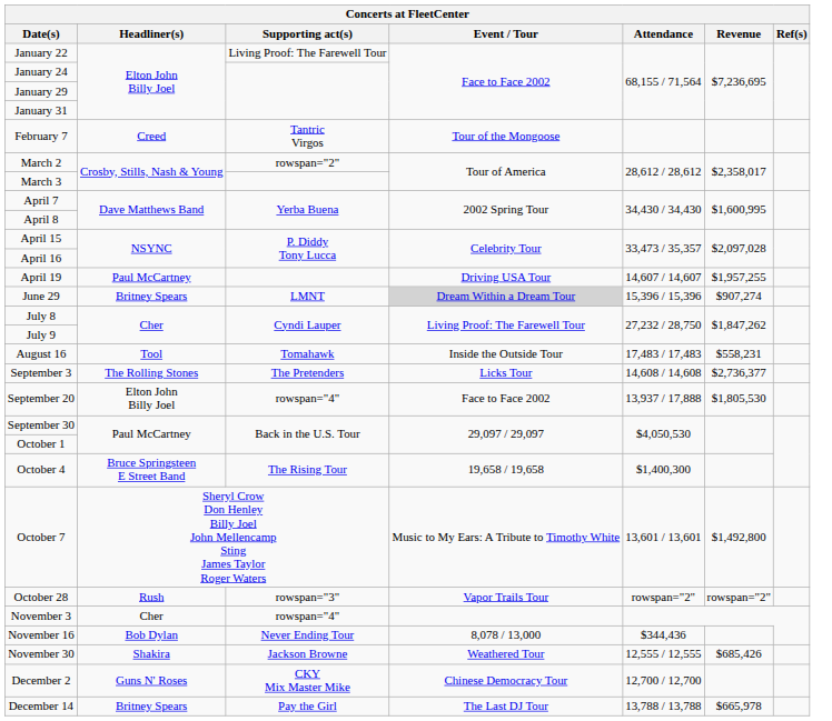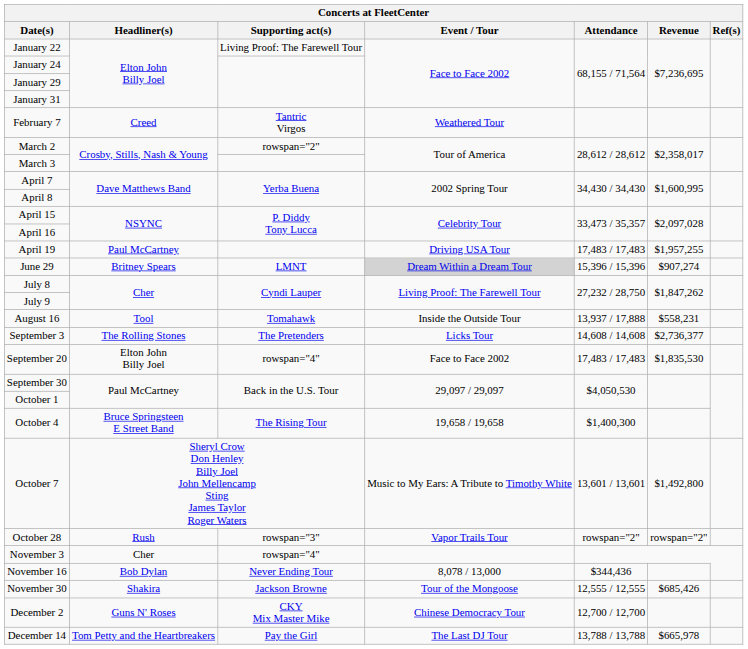 <table class="wikitable mw-collapsible mw-collapsed" style="text-align:center;">
 <tr>
 <th colspan="7">Concerts at FleetCenter</th>
 </tr>
 <tr>
 <th>Date(s)</th>
 <th>Headliner(s)</th>
 <th>Supporting act(s)</th>
 <th>Event / Tour</th>
 <th>Attendance</th>
 <th>Revenue</th>
 <th>Ref(s)</th>
 </tr>
 <tr>
 <td>January 22</td>
 <td rowspan="4"><a href='#'>Elton John</a><br><a href='#'>Billy Joel</a></td>
 <td>Living Proof: The Farewell Tour</td>
 <td rowspan="4"><a href='#'>Face to Face 2002</a></td>
 <td rowspan="4">68,155 / 71,564</td>
 <td rowspan="4">$7,236,695</td>
 <td rowspan="4"></td>
 </tr>
 <tr>
 <td>January 24</td>
 </tr>
 <tr>
 <td>January 29</td>
 </tr>
 <tr>
 <td>January 31</td>
 </tr>
 <tr>
 <td>February 7</td>
 <td><a href='#'>Creed</a></td>
 <td><a href='#'>Tantric</a><br>Virgos</td>
-<td><a href='#'>Tour of the Mongoose</a></td>
+<td><a href='#'>Weathered Tour</a></td>
 <td></td>
 <td></td>
 <td></td>
 </tr>
 <tr>
 <td>March 2</td>
 <td rowspan="2"><a href='#'>Crosby, Stills, Nash & Young</a></td>
 <td>rowspan="2" </td>
 <td rowspan="2">Tour of America</td>
 <td rowspan="2">28,612 / 28,612</td>
 <td rowspan="2">$2,358,017</td>
 <td rowspan="2"></td>
 </tr>
 <tr>
 <td>March 3</td>
 </tr>
 <tr>
 <td>April 7</td>
 <td rowspan="2"><a href='#'>Dave Matthews Band</a></td>
 <td rowspan="2"><a href='#'>Yerba Buena</a></td>
 <td rowspan="2">2002 Spring Tour</td>
 <td rowspan="2">34,430 / 34,430</td>
 <td rowspan="2">$1,600,995</td>
 <td rowspan="2"></td>
 </tr>
 <tr>
 <td>April 8</td>
 </tr>
 <tr>
 <td>April 15</td>
 <td rowspan="2"><a href='#'>NSYNC</a></td>
 <td rowspan="2"><a href='#'>P. Diddy</a><br><a href='#'>Tony Lucca</a></td>
 <td rowspan="2"><a href='#'>Celebrity Tour</a></td>
 <td rowspan="2">33,473 / 35,357</td>
 <td rowspan="2">$2,097,028</td>
 <td rowspan="2"></td>
 </tr>
 <tr>
 <td>April 16</td>
 </tr>
 <tr>
 <td>April 19</td>
 <td><a href='#'>Paul McCartney</a></td>
 <td></td>
 <td><a href='#'>Driving USA Tour</a></td>
-<td>14,607 / 14,607</td>
+<td>17,483 / 17,483</td>
 <td>$1,957,255</td>
 <td></td>
 </tr>
 <tr>
 <td>June 29</td>
 <td><a href='#'>Britney Spears</a></td>
 <td><a href='#'>LMNT</a></td>
 <td style="background: lightgrey;"><a href='#'>Dream Within a Dream Tour</a></td>
 <td>15,396 / 15,396</td>
 <td>$907,274</td>
 <td></td>
 </tr>
 <tr>
 <td>July 8</td>
 <td rowspan="2"><a href='#'>Cher</a></td>
 <td rowspan="2"><a href='#'>Cyndi Lauper</a></td>
 <td rowspan="2"><a href='#'>Living Proof: The Farewell Tour</a></td>
 <td rowspan="2">27,232 / 28,750</td>
 <td rowspan="2">$1,847,262</td>
 <td rowspan="2"></td>
 </tr>
 <tr>
 <td>July 9</td>
 </tr>
 <tr>
 <td>August 16</td>
 <td><a href='#'>Tool</a></td>
 <td><a href='#'>Tomahawk</a></td>
 <td>Inside the Outside Tour</td>
-<td>17,483 / 17,483</td>
+<td>13,937 / 17,888</td>
 <td>$558,231</td>
 <td></td>
 </tr>
 <tr>
 <td>September 3</td>
 <td><a href='#'>The Rolling Stones</a></td>
 <td><a href='#'>The Pretenders</a></td>
 <td><a href='#'>Licks Tour</a></td>
 <td>14,608 / 14,608</td>
 <td>$2,736,377</td>
 <td></td>
 </tr>
 <tr>
 <td>September 20</td>
 <td>Elton John<br>Billy Joel</td>
 <td>rowspan="4" </td>
 <td>Face to Face 2002</td>
-<td>13,937 / 17,888</td>
-<td>$1,805,530</td>
+<td>17,483 / 17,483</td>
+<td>$1,835,530</td>
 <td></td>
 </tr>
 <tr>
 <td>September 30</td>
 <td rowspan="2">Paul McCartney</td>
 <td rowspan="2">Back in the U.S. Tour</td>
 <td rowspan="2">29,097 / 29,097</td>
 <td rowspan="2">$4,050,530</td>
 <td rowspan="2"></td>
 </tr>
 <tr>
 <td>October 1</td>
 </tr>
 <tr>
 <td>October 4</td>
 <td><a href='#'>Bruce Springsteen</a><br><a href='#'>E Street Band</a></td>
 <td><a href='#'>The Rising Tour</a></td>
 <td>19,658 / 19,658</td>
 <td>$1,400,300</td>
 <td></td>
 </tr>
 <tr>
 <td>October 7</td>
 <td colspan="2"><a href='#'>Sheryl Crow</a><br><a href='#'>Don Henley</a><br><a href='#'>Billy Joel</a><br><a href='#'>John Mellencamp</a><br><a href='#'>Sting</a><br><a href='#'>James Taylor</a><br><a href='#'>Roger Waters</a></td>
 <td>Music to My Ears: A Tribute to <a href='#'>Timothy White</a></td>
 <td>13,601 / 13,601</td>
 <td>$1,492,800</td>
 <td></td>
 </tr>
 <tr>
 <td>October 28</td>
 <td><a href='#'>Rush</a></td>
 <td>rowspan="3" </td>
 <td><a href='#'>Vapor Trails Tour</a></td>
 <td>rowspan="2" </td>
 <td>rowspan="2" </td>
 <td></td>
 </tr>
 <tr>
 <td>November 3</td>
 <td>Cher</td>
 <td>rowspan="4" </td>
 <td></td>
 </tr>
 <tr>
 <td>November 16</td>
 <td><a href='#'>Bob Dylan</a></td>
 <td><a href='#'>Never Ending Tour</a></td>
 <td>8,078 / 13,000</td>
 <td>$344,436</td>
 <td></td>
 </tr>
 <tr>
 <td>November 30</td>
 <td><a href='#'>Shakira</a></td>
 <td><a href='#'>Jackson Browne</a></td>
-<td><a href='#'>Weathered Tour</a></td>
+<td><a href='#'>Tour of the Mongoose</a></td>
 <td>12,555 / 12,555</td>
 <td>$685,426</td>
 <td></td>
 </tr>
 <tr>
 <td>December 2</td>
 <td><a href='#'>Guns N' Roses</a></td>
 <td><a href='#'>CKY</a><br><a href='#'>Mix Master Mike</a></td>
 <td><a href='#'>Chinese Democracy Tour</a></td>
 <td>12,700 / 12,700</td>
 <td></td>
 <td></td>
 </tr>
 <tr>
 <td>December 14</td>
-<td><a href='#'>Britney Spears</a></td>
+<td><a href='#'>Tom Petty and the Heartbreakers</a></td>
 <td><a href='#'>Pay the Girl</a></td>
 <td><a href='#'>The Last DJ Tour</a></td>
 <td>13,788 / 13,788</td>
 <td>$665,978</td>
 <td></td>
 </tr>
 </table>
